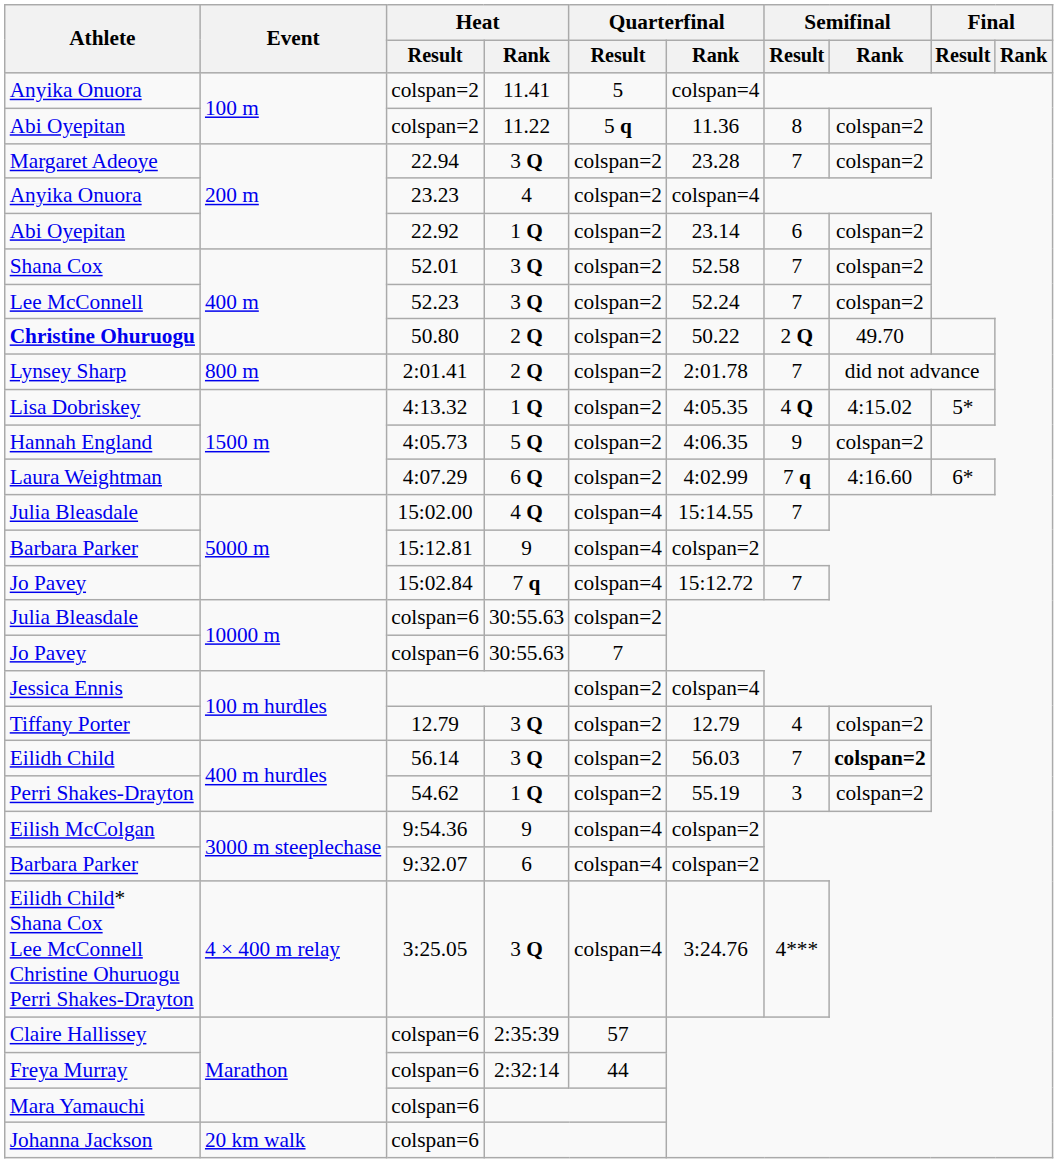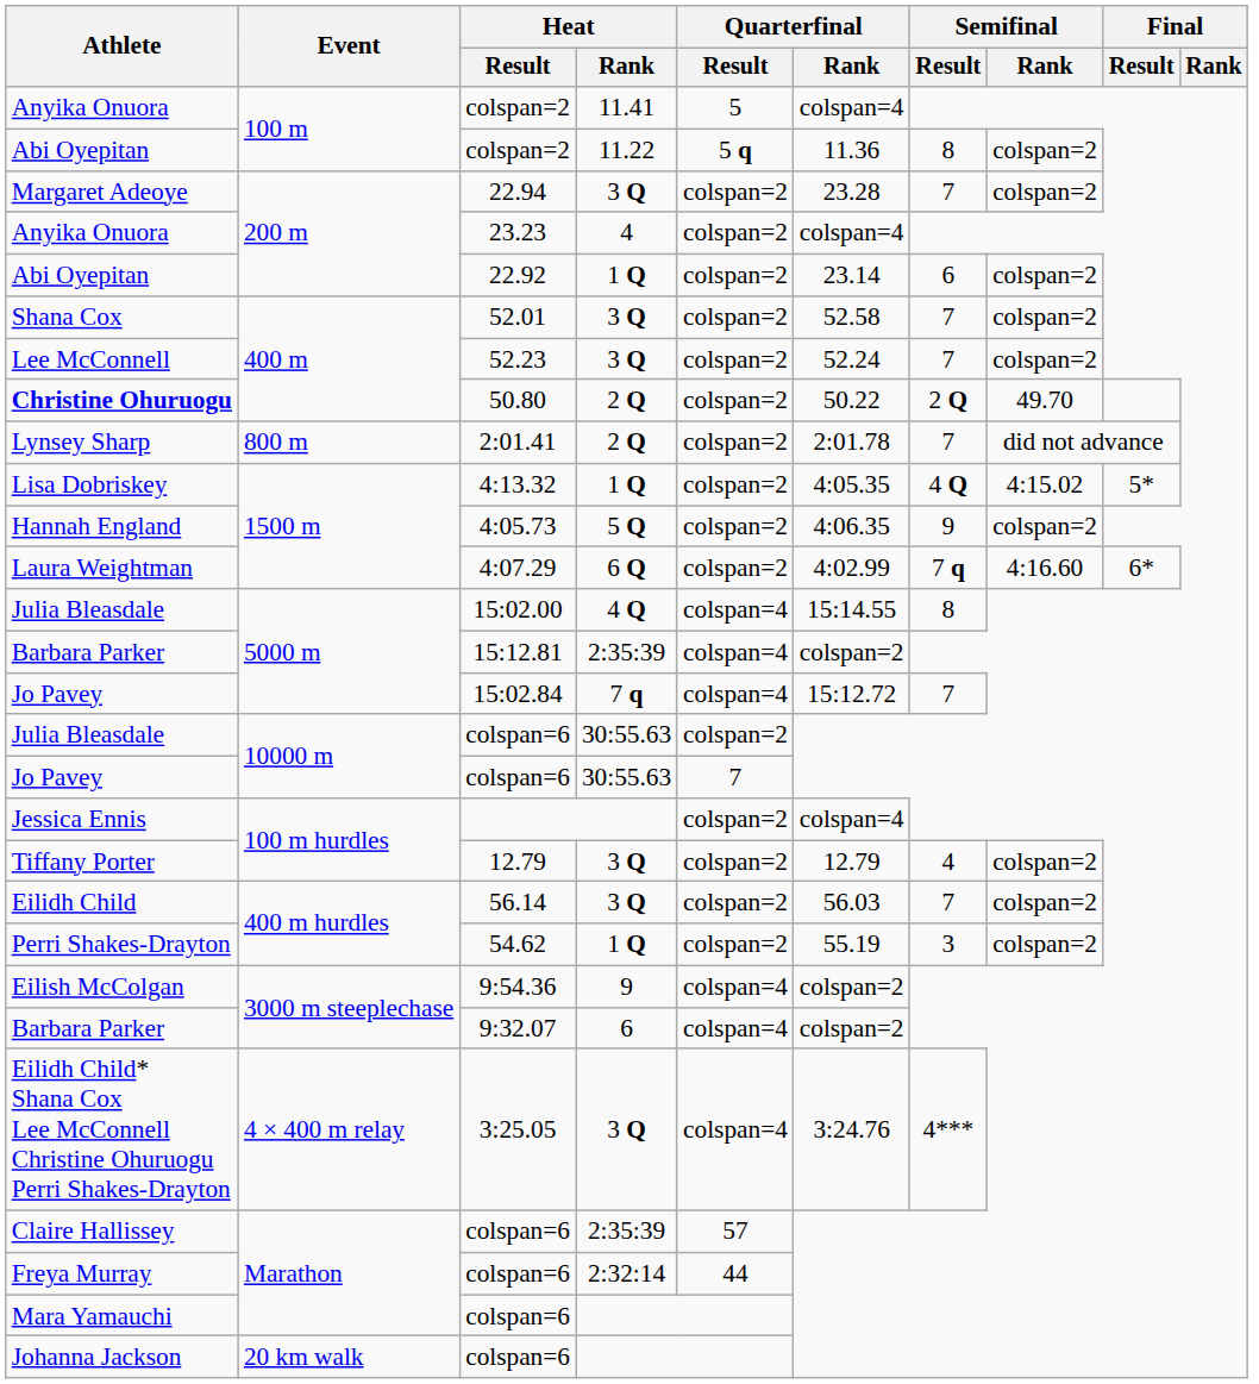 <table class="wikitable" style="text-align:center; font-size:90%;">
 <tr>
 <th rowspan="2">Athlete</th>
 <th rowspan="2">Event</th>
 <th colspan="2">Heat</th>
 <th colspan="2">Quarterfinal</th>
 <th colspan="2">Semifinal</th>
 <th colspan="2">Final</th>
 </tr>
 <tr style="font-size:95%">
 <th>Result</th>
 <th>Rank</th>
 <th>Result</th>
 <th>Rank</th>
 <th>Result</th>
 <th>Rank</th>
 <th>Result</th>
 <th>Rank</th>
 </tr>
 <tr>
 <td style="text-align:left;"><a href='#'>Anyika Onuora</a></td>
 <td style="text-align:left;" rowspan="2"><a href='#'>100 m</a></td>
 <td>colspan=2 </td>
 <td>11.41</td>
 <td>5</td>
 <td>colspan=4 </td>
 </tr>
 <tr>
 <td style="text-align:left;"><a href='#'>Abi Oyepitan</a></td>
 <td>colspan=2 </td>
 <td>11.22</td>
 <td>5 <strong>q</strong></td>
 <td>11.36</td>
 <td>8</td>
 <td>colspan=2 </td>
 </tr>
 <tr>
 <td style="text-align:left;"><a href='#'>Margaret Adeoye</a></td>
 <td style="text-align:left;" rowspan="3"><a href='#'>200 m</a></td>
 <td>22.94</td>
 <td>3 <strong>Q</strong></td>
 <td>colspan=2 </td>
 <td>23.28</td>
 <td>7</td>
 <td>colspan=2 </td>
 </tr>
 <tr>
 <td style="text-align:left;"><a href='#'>Anyika Onuora</a></td>
 <td>23.23</td>
 <td>4</td>
 <td>colspan=2 </td>
 <td>colspan=4 </td>
 </tr>
 <tr>
 <td style="text-align:left;"><a href='#'>Abi Oyepitan</a></td>
 <td>22.92</td>
 <td>1 <strong>Q</strong></td>
 <td>colspan=2 </td>
 <td>23.14</td>
 <td>6</td>
 <td>colspan=2 </td>
 </tr>
 <tr>
 <td style="text-align:left;"><a href='#'>Shana Cox</a></td>
 <td style="text-align:left;" rowspan="3"><a href='#'>400 m</a></td>
 <td>52.01</td>
 <td>3 <strong>Q</strong></td>
 <td>colspan=2 </td>
 <td>52.58</td>
 <td>7</td>
 <td>colspan=2 </td>
 </tr>
 <tr>
 <td style="text-align:left;"><a href='#'>Lee McConnell</a></td>
 <td>52.23</td>
 <td>3 <strong>Q</strong></td>
 <td>colspan=2 </td>
 <td>52.24</td>
 <td>7</td>
 <td>colspan=2 </td>
 </tr>
 <tr>
 <td style="text-align:left;"><strong><a href='#'>Christine Ohuruogu</a></strong></td>
 <td>50.80</td>
 <td>2 <strong>Q</strong></td>
 <td>colspan=2 </td>
 <td>50.22</td>
 <td>2 <strong>Q</strong></td>
 <td>49.70</td>
 <td></td>
 </tr>
 <tr>
 <td style="text-align:left;"><a href='#'>Lynsey Sharp</a></td>
 <td style="text-align:left;"><a href='#'>800 m</a></td>
 <td>2:01.41</td>
 <td>2 <strong>Q</strong></td>
 <td>colspan=2 </td>
 <td>2:01.78</td>
 <td>7</td>
 <td colspan=2>did not advance</td>
 </tr>
 <tr>
 <td style="text-align:left;"><a href='#'>Lisa Dobriskey</a></td>
 <td style="text-align:left;" rowspan="3"><a href='#'>1500 m</a></td>
 <td>4:13.32</td>
 <td>1 <strong>Q</strong></td>
 <td>colspan=2 </td>
 <td>4:05.35</td>
 <td>4 <strong>Q</strong></td>
 <td>4:15.02</td>
 <td>5*</td>
 </tr>
 <tr>
 <td style="text-align:left;"><a href='#'>Hannah England</a></td>
 <td>4:05.73</td>
 <td>5 <strong>Q</strong></td>
 <td>colspan=2 </td>
 <td>4:06.35</td>
 <td>9</td>
 <td>colspan=2 </td>
 </tr>
 <tr>
 <td style="text-align:left;"><a href='#'>Laura Weightman</a></td>
 <td>4:07.29</td>
 <td>6 <strong>Q</strong></td>
 <td>colspan=2 </td>
 <td>4:02.99</td>
 <td>7 <strong>q</strong></td>
 <td>4:16.60</td>
 <td>6*</td>
 </tr>
 <tr>
 <td style="text-align:left;"><a href='#'>Julia Bleasdale</a></td>
 <td rowspan="3" style="text-align:left;"><a href='#'>5000 m</a></td>
 <td>15:02.00</td>
 <td>4 <strong>Q</strong></td>
 <td>colspan=4 </td>
 <td>15:14.55</td>
-<td>7</td>
+<td>8</td>
 </tr>
 <tr>
 <td style="text-align:left;"><a href='#'>Barbara Parker</a></td>
 <td>15:12.81</td>
-<td>9</td>
+<td>2:35:39</td>
 <td>colspan=4 </td>
 <td>colspan=2 </td>
 </tr>
 <tr>
 <td style="text-align:left;"><a href='#'>Jo Pavey</a></td>
 <td>15:02.84</td>
 <td>7 <strong>q</strong></td>
 <td>colspan=4 </td>
 <td>15:12.72</td>
 <td>7</td>
 </tr>
 <tr>
 <td style="text-align:left;"><a href='#'>Julia Bleasdale</a></td>
 <td style="text-align:left;" rowspan="2"><a href='#'>10000 m</a></td>
 <td>colspan=6 </td>
 <td>30:55.63</td>
 <td>colspan=2 </td>
 </tr>
 <tr>
 <td style="text-align:left;"><a href='#'>Jo Pavey</a></td>
 <td>colspan=6 </td>
 <td>30:55.63</td>
 <td>7</td>
 </tr>
 <tr>
 <td style="text-align:left;"><a href='#'>Jessica Ennis</a></td>
 <td style="text-align:left;" rowspan="2"><a href='#'>100 m hurdles</a></td>
 <td colspan=2></td>
 <td>colspan=2 </td>
 <td>colspan=4 </td>
 </tr>
 <tr>
 <td style="text-align:left;"><a href='#'>Tiffany Porter</a></td>
 <td>12.79</td>
 <td>3 <strong>Q</strong></td>
 <td>colspan=2 </td>
 <td>12.79</td>
 <td>4</td>
 <td>colspan=2 </td>
 </tr>
 <tr>
 <td style="text-align:left;"><a href='#'>Eilidh Child</a></td>
 <td style="text-align:left;" rowspan="2"><a href='#'>400 m hurdles</a></td>
 <td>56.14</td>
 <td>3 <strong>Q</strong></td>
 <td>colspan=2 </td>
 <td>56.03</td>
 <td>7</td>
-<td><strong>colspan=2 </strong></td>
+<td>colspan=2 </td>
 </tr>
 <tr>
 <td style="text-align:left;"><a href='#'>Perri Shakes-Drayton</a></td>
 <td>54.62</td>
 <td>1 <strong>Q</strong></td>
 <td>colspan=2 </td>
 <td>55.19</td>
 <td>3</td>
 <td>colspan=2 </td>
 </tr>
 <tr>
 <td style="text-align:left;"><a href='#'>Eilish McColgan</a></td>
 <td style="text-align:left;" rowspan="2"><a href='#'>3000 m steeplechase</a></td>
 <td>9:54.36</td>
 <td>9</td>
 <td>colspan=4 </td>
 <td>colspan=2 </td>
 </tr>
 <tr>
 <td style="text-align:left;"><a href='#'>Barbara Parker</a></td>
 <td>9:32.07</td>
 <td>6</td>
 <td>colspan=4 </td>
 <td>colspan=2 </td>
 </tr>
 <tr>
 <td style="text-align:left;"><a href='#'>Eilidh Child</a>*<br><a href='#'>Shana Cox</a><br><a href='#'>Lee McConnell</a><br><a href='#'>Christine Ohuruogu</a><br><a href='#'>Perri Shakes-Drayton</a></td>
 <td style="text-align:left;"><a href='#'>4 × 400 m relay</a></td>
 <td>3:25.05</td>
 <td>3 <strong>Q</strong></td>
 <td>colspan=4 </td>
 <td>3:24.76</td>
 <td>4***</td>
 </tr>
 <tr>
 <td style="text-align:left;"><a href='#'>Claire Hallissey</a></td>
 <td style="text-align:left;" rowspan="3"><a href='#'>Marathon</a></td>
 <td>colspan=6 </td>
 <td>2:35:39</td>
 <td>57</td>
 </tr>
 <tr>
 <td style="text-align:left;"><a href='#'>Freya Murray</a></td>
 <td>colspan=6 </td>
 <td>2:32:14</td>
 <td>44</td>
 </tr>
 <tr>
 <td style="text-align:left;"><a href='#'>Mara Yamauchi</a></td>
 <td>colspan=6 </td>
 <td colspan=2></td>
 </tr>
 <tr>
 <td style="text-align:left;"><a href='#'>Johanna Jackson</a></td>
 <td style="text-align:left;"><a href='#'>20 km walk</a></td>
 <td>colspan=6 </td>
 <td colspan=2></td>
 </tr>
 </table>
